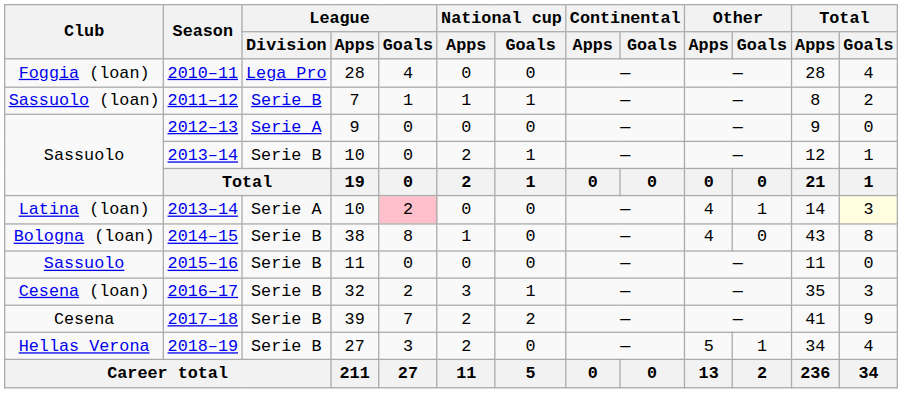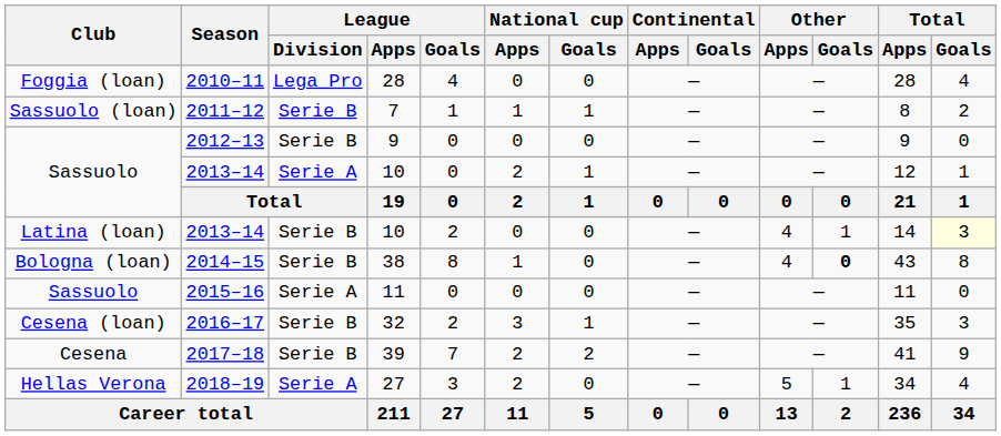 <table class="wikitable" style="text-align:center">
 <tr>
 <th rowspan="2">Club</th>
 <th rowspan="2">Season</th>
 <th colspan="3">League</th>
 <th colspan="2">National cup</th>
 <th colspan="2">Continental</th>
 <th colspan="2">Other</th>
 <th colspan="2">Total</th>
 </tr>
 <tr>
 <th>Division</th>
 <th>Apps</th>
 <th>Goals</th>
 <th>Apps</th>
 <th>Goals</th>
 <th>Apps</th>
 <th>Goals</th>
 <th>Apps</th>
 <th>Goals</th>
 <th>Apps</th>
 <th>Goals</th>
 </tr>
 <tr>
 <td><a href='#'>Foggia</a> (loan)</td>
 <td><a href='#'>2010–11</a></td>
 <td><a href='#'>Lega Pro</a></td>
 <td>28</td>
 <td>4</td>
 <td>0</td>
 <td>0</td>
 <td colspan="2“">—</td>
 <td colspan="2“">—</td>
 <td>28</td>
 <td>4</td>
 </tr>
 <tr>
 <td><a href='#'>Sassuolo</a> (loan)</td>
 <td><a href='#'>2011–12</a></td>
 <td><a href='#'>Serie B</a></td>
 <td>7</td>
 <td>1</td>
 <td>1</td>
 <td>1</td>
 <td colspan="2“">—</td>
 <td colspan="2“">—</td>
 <td>8</td>
 <td>2</td>
 </tr>
 <tr>
 <td rowspan="3">Sassuolo</td>
 <td><a href='#'>2012–13</a></td>
-<td><a href='#'>Serie A</a></td>
+<td>Serie B</td>
 <td>9</td>
 <td>0</td>
 <td>0</td>
 <td>0</td>
 <td colspan="2“">—</td>
 <td colspan="2“">—</td>
 <td>9</td>
 <td>0</td>
 </tr>
 <tr>
 <td><a href='#'>2013–14</a></td>
-<td>Serie B</td>
+<td><a href='#'>Serie A</a></td>
 <td>10</td>
 <td>0</td>
 <td>2</td>
 <td>1</td>
 <td colspan="2“">—</td>
 <td colspan="2“">—</td>
 <td>12</td>
 <td>1</td>
 </tr>
 <tr>
 <th colspan="2">Total</th>
 <th>19</th>
 <th>0</th>
 <th>2</th>
 <th>1</th>
 <th>0</th>
 <th>0</th>
 <th>0</th>
 <th>0</th>
 <th>21</th>
 <th>1</th>
 </tr>
 <tr>
 <td><a href='#'>Latina</a> (loan)</td>
 <td><a href='#'>2013–14</a></td>
-<td>Serie A</td>
+<td>Serie B</td>
 <td>10</td>
-<td style="background: pink;">2</td>
+<td>2</td>
 <td>0</td>
 <td>0</td>
 <td colspan="2“">—</td>
 <td>4</td>
 <td>1</td>
 <td>14</td>
 <td style="background: lightyellow;">3</td>
 </tr>
 <tr>
 <td><a href='#'>Bologna</a> (loan)</td>
 <td><a href='#'>2014–15</a></td>
 <td>Serie B</td>
 <td>38</td>
 <td>8</td>
 <td>1</td>
 <td>0</td>
 <td colspan="2“">—</td>
 <td>4</td>
-<td>0</td>
+<td><strong>0</strong></td>
 <td>43</td>
 <td>8</td>
 </tr>
 <tr>
 <td><a href='#'>Sassuolo</a></td>
 <td><a href='#'>2015–16</a></td>
-<td>Serie B</td>
+<td>Serie A</td>
 <td>11</td>
 <td>0</td>
 <td>0</td>
 <td>0</td>
 <td colspan="2“">—</td>
 <td colspan="2“">—</td>
 <td>11</td>
 <td>0</td>
 </tr>
 <tr>
 <td><a href='#'>Cesena</a> (loan)</td>
 <td><a href='#'>2016–17</a></td>
 <td>Serie B</td>
 <td>32</td>
 <td>2</td>
 <td>3</td>
 <td>1</td>
 <td colspan="2“">—</td>
 <td colspan="2“">—</td>
 <td>35</td>
 <td>3</td>
 </tr>
 <tr>
 <td>Cesena</td>
 <td><a href='#'>2017–18</a></td>
 <td>Serie B</td>
 <td>39</td>
 <td>7</td>
 <td>2</td>
 <td>2</td>
 <td colspan="2“">—</td>
 <td colspan="2“">—</td>
 <td>41</td>
 <td>9</td>
 </tr>
 <tr>
 <td><a href='#'>Hellas Verona</a></td>
 <td><a href='#'>2018–19</a></td>
-<td>Serie B</td>
+<td><a href='#'>Serie A</a></td>
 <td>27</td>
 <td>3</td>
 <td>2</td>
 <td>0</td>
 <td colspan="2“">—</td>
 <td>5</td>
 <td>1</td>
 <td>34</td>
 <td>4</td>
 </tr>
 <tr>
 <th colspan="3">Career total</th>
 <th>211</th>
 <th>27</th>
 <th>11</th>
 <th>5</th>
 <th>0</th>
 <th>0</th>
 <th>13</th>
 <th>2</th>
 <th>236</th>
 <th>34</th>
 </tr>
 </table>
